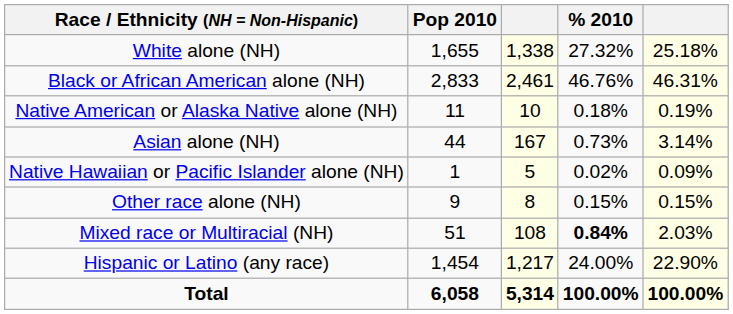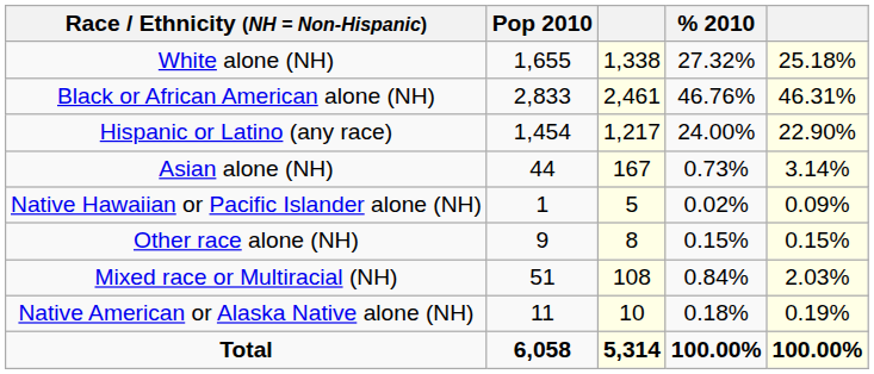 <table class="wikitable" style="text-align:center;">
 <tr>
 <th>Race / Ethnicity <small>(<em>NH = Non-Hispanic</em>)</small></th>
 <th>Pop 2010</th>
 <th></th>
 <th>% 2010</th>
 <th></th>
 </tr>
 <tr>
 <td><a href='#'>White</a> alone (NH)</td>
 <td>1,655</td>
 <td style='background: #ffffe6;'>1,338</td>
 <td>27.32%</td>
 <td style='background: #ffffe6;'>25.18%</td>
 </tr>
 <tr>
 <td><a href='#'>Black or African American</a> alone (NH)</td>
 <td>2,833</td>
 <td style='background: #ffffe6;'>2,461</td>
 <td>46.76%</td>
 <td style='background: #ffffe6;'>46.31%</td>
 </tr>
 <tr>
-<td><a href='#'>Native American</a> or <a href='#'>Alaska Native</a> alone (NH)</td>
-<td>11</td>
-<td style='background: #ffffe6;'>10</td>
-<td>0.18%</td>
-<td style='background: #ffffe6;'>0.19%</td>
+<td><a href='#'>Hispanic or Latino</a> (any race)</td>
+<td>1,454</td>
+<td style='background: #ffffe6;'>1,217</td>
+<td>24.00%</td>
+<td style='background: #ffffe6;'>22.90%</td>
 </tr>
 <tr>
 <td><a href='#'>Asian</a> alone (NH)</td>
 <td>44</td>
 <td style='background: #ffffe6;'>167</td>
 <td>0.73%</td>
 <td style='background: #ffffe6;'>3.14%</td>
 </tr>
 <tr>
 <td><a href='#'>Native Hawaiian</a> or <a href='#'>Pacific Islander</a> alone (NH)</td>
 <td>1</td>
 <td style='background: #ffffe6;'>5</td>
 <td>0.02%</td>
 <td style='background: #ffffe6;'>0.09%</td>
 </tr>
 <tr>
 <td><a href='#'>Other race</a> alone (NH)</td>
 <td>9</td>
 <td style='background: #ffffe6;'>8</td>
 <td>0.15%</td>
 <td style='background: #ffffe6;'>0.15%</td>
 </tr>
 <tr>
 <td><a href='#'>Mixed race or Multiracial</a> (NH)</td>
 <td>51</td>
 <td style='background: #ffffe6;'>108</td>
-<td><strong>0.84%</strong></td>
+<td>0.84%</td>
 <td style='background: #ffffe6;'>2.03%</td>
 </tr>
 <tr>
-<td><a href='#'>Hispanic or Latino</a> (any race)</td>
-<td>1,454</td>
-<td style='background: #ffffe6;'>1,217</td>
-<td>24.00%</td>
-<td style='background: #ffffe6;'>22.90%</td>
+<td><a href='#'>Native American</a> or <a href='#'>Alaska Native</a> alone (NH)</td>
+<td>11</td>
+<td style='background: #ffffe6;'>10</td>
+<td>0.18%</td>
+<td style='background: #ffffe6;'>0.19%</td>
 </tr>
 <tr>
 <td><strong>Total</strong></td>
 <td><strong>6,058</strong></td>
 <td style='background: #ffffe6;'><strong>5,314</strong></td>
 <td><strong>100.00%</strong></td>
 <td style='background: #ffffe6;'><strong>100.00%</strong></td>
 </tr>
 </table>
